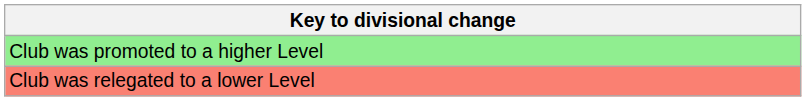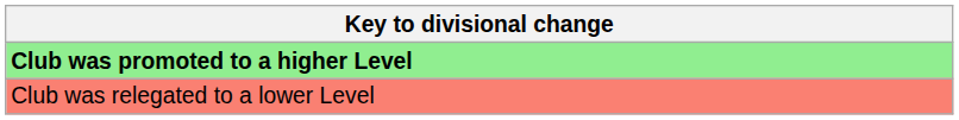 <table class="wikitable" width=30% style="font-size:90%">
 <tr>
 <th width=100%>Key to divisional change</th>
 </tr>
 <tr>
-<td style="background:lightgreen">Club was promoted to a higher Level</td>
+<td style="background:lightgreen"><strong>Club was promoted to a higher Level</strong></td>
 </tr>
 <tr>
 <td style="background:salmon">Club was relegated to a lower Level</td>
 </tr>
 </table>
